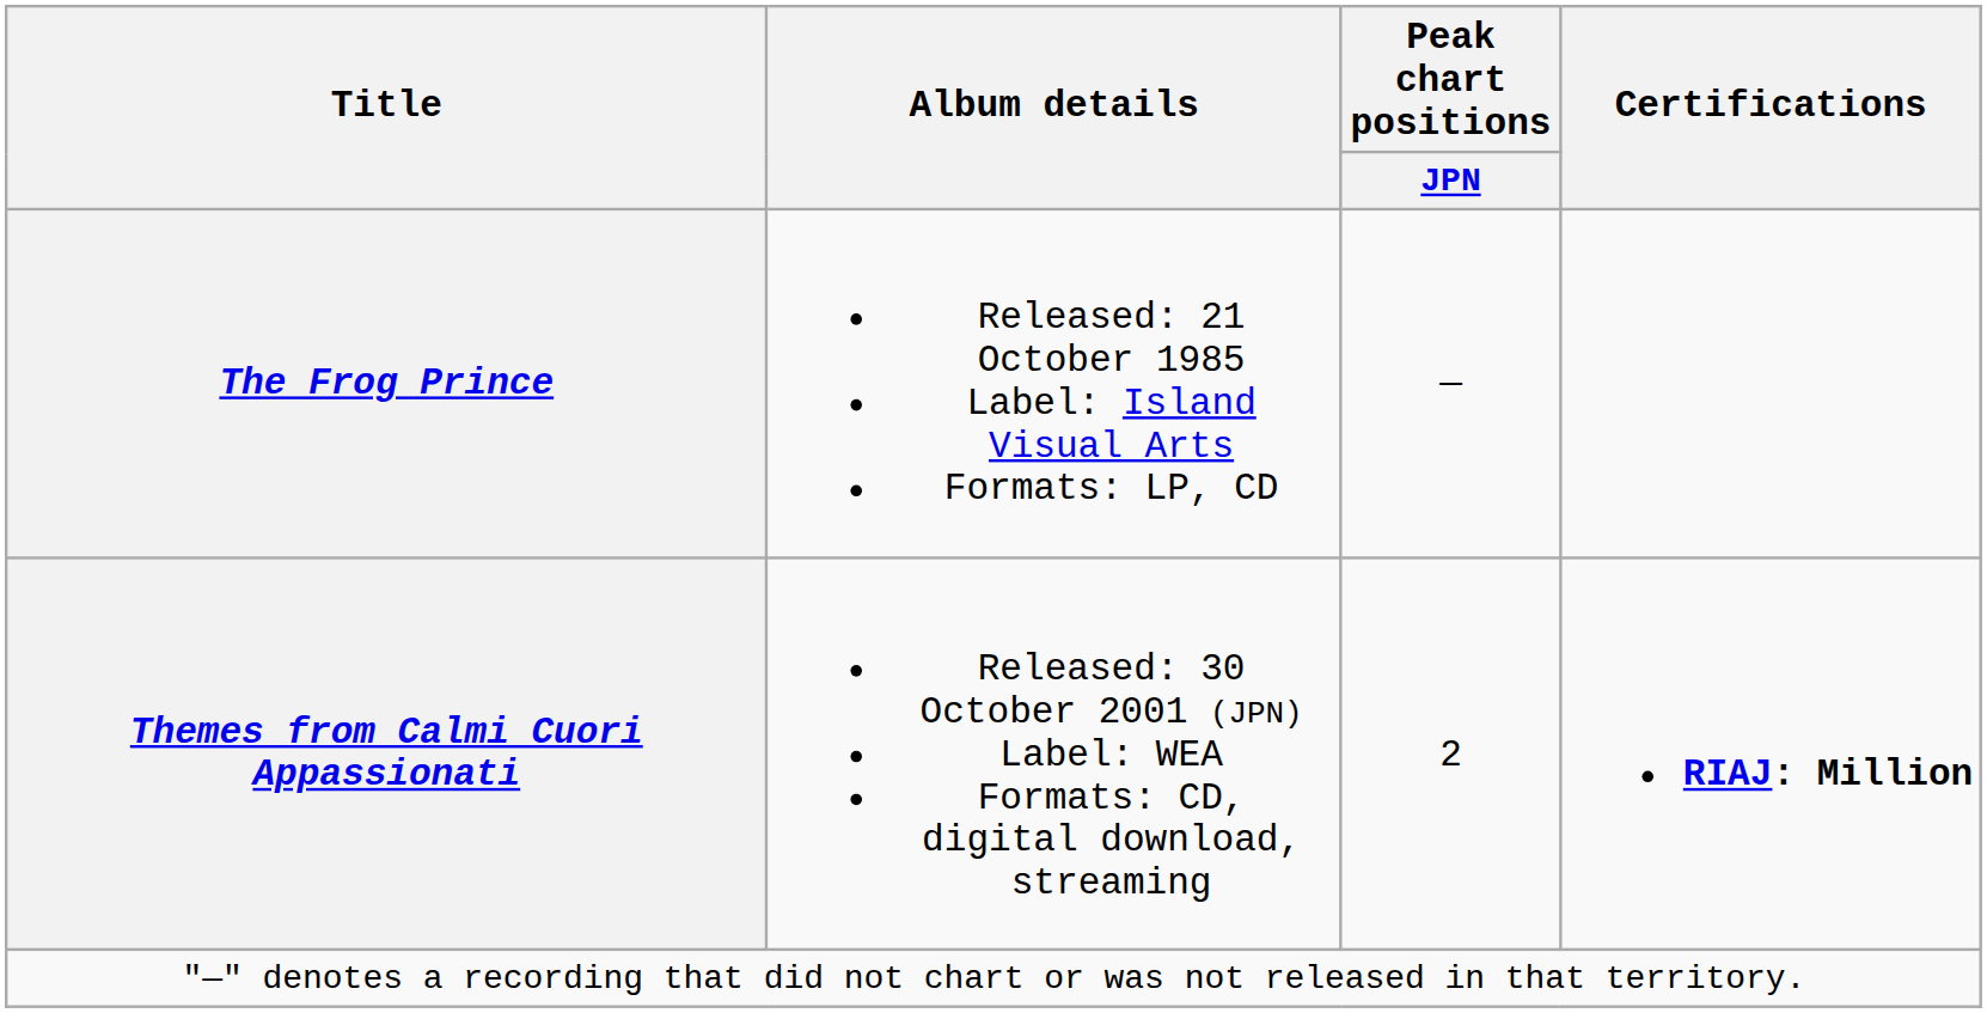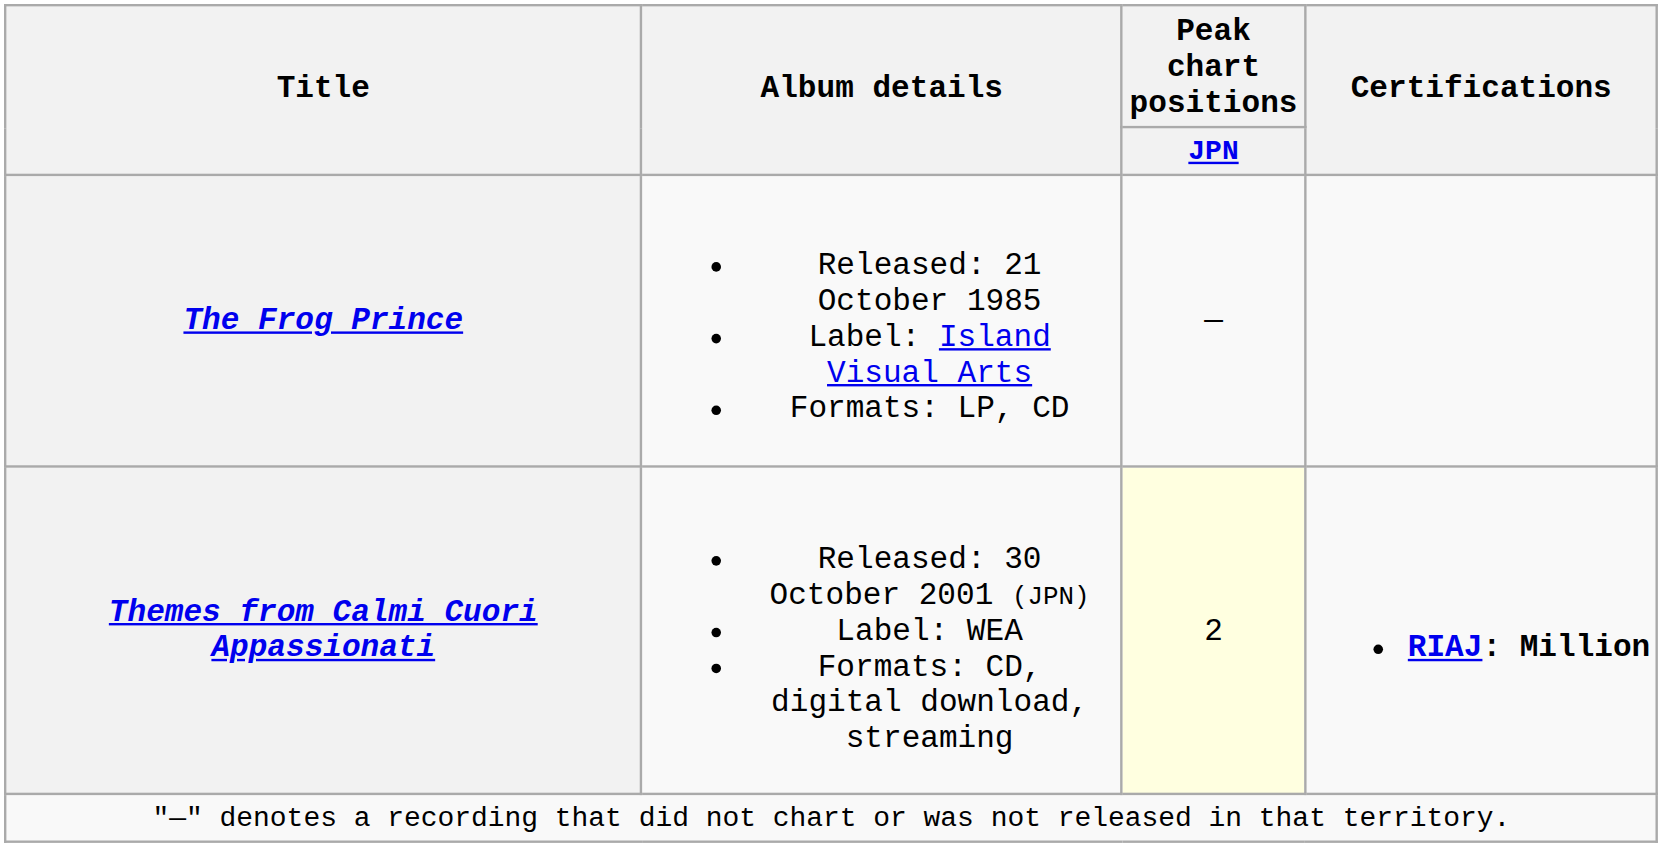 <table class="wikitable plainrowheaders" style="text-align:center;">
 <tr>
 <th scope="col" rowspan="2" style="width:20em;">Title</th>
 <th scope="col" rowspan="2" style="width:15em;">Album details</th>
 <th scope="col" colspan="1">Peak chart positions</th>
 <th scope="col" rowspan="2">Certifications</th>
 </tr>
 <tr>
 <th scope="col" style="width:2em; font-size:90%;"><a href='#'>JPN</a><br></th>
 </tr>
 <tr>
 <th scope="row"><em><a href='#'>The Frog Prince</a></em></th>
 <td><br><ul><li>Released: 21 October 1985</li><li>Label: <a href='#'>Island Visual Arts</a></li><li>Formats: LP, CD</li></ul></td>
 <td>—</td>
 <td></td>
 </tr>
 <tr>
 <th scope="row"><em><a href='#'>Themes from Calmi Cuori Appassionati</a></em></th>
 <td><br><ul><li>Released: 30 October 2001 <small>(JPN)</small></li><li>Label: WEA</li><li>Formats: CD, digital download, streaming</li></ul></td>
-<td>2</td>
+<td style="background: lightyellow;">2</td>
 <td><strong><br><ul><li><a href='#'>RIAJ</a>: Million</li></ul></strong></td>
 </tr>
 <tr>
 <td colspan="14" style="font-size:90%">"—" denotes a recording that did not chart or was not released in that territory.</td>
 </tr>
 </table>
